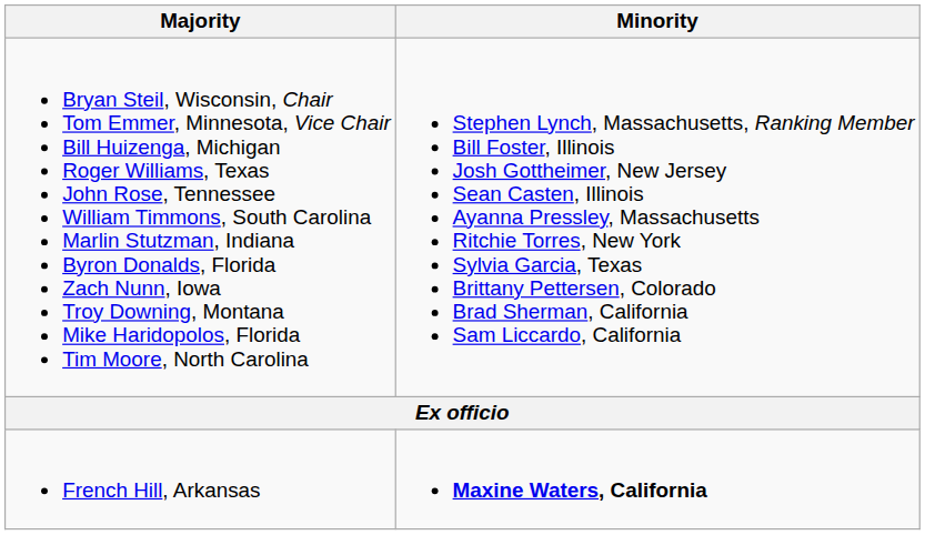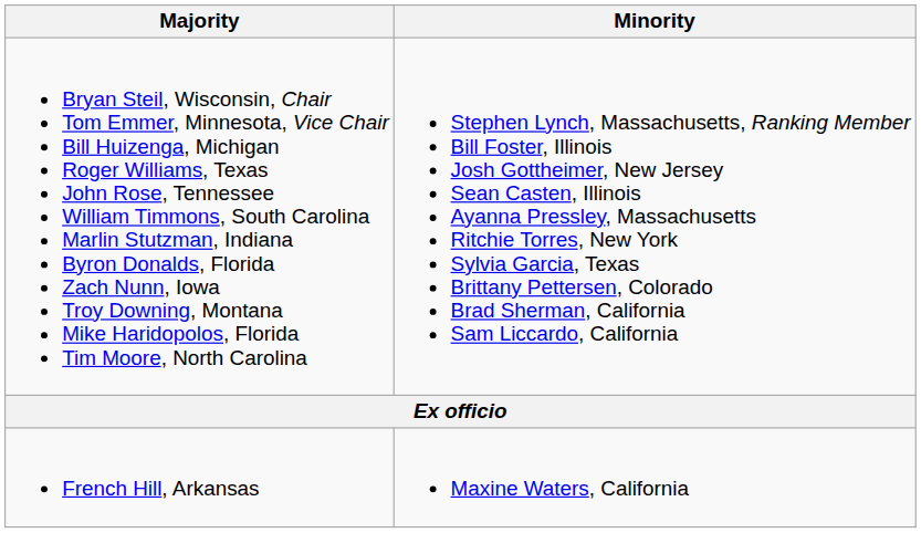 <table class=wikitable>
 <tr>
 <th>Majority</th>
 <th>Minority</th>
 </tr>
 <tr>
 <td><br><ul><li><a href='#'>Bryan Steil</a>, Wisconsin, <em>Chair</em></li><li><a href='#'>Tom Emmer</a>, Minnesota, <em>Vice Chair</em></li><li><a href='#'>Bill Huizenga</a>, Michigan</li><li><a href='#'>Roger Williams</a>, Texas</li><li><a href='#'>John Rose</a>, Tennessee</li><li><a href='#'>William Timmons</a>, South Carolina</li><li><a href='#'>Marlin Stutzman</a>, Indiana</li><li><a href='#'>Byron Donalds</a>, Florida</li><li><a href='#'>Zach Nunn</a>, Iowa</li><li><a href='#'>Troy Downing</a>, Montana</li><li><a href='#'>Mike Haridopolos</a>, Florida</li><li><a href='#'>Tim Moore</a>, North Carolina</li></ul></td>
 <td><br><ul><li><a href='#'>Stephen Lynch</a>, Massachusetts, <em>Ranking Member</em></li><li><a href='#'>Bill Foster</a>, Illinois</li><li><a href='#'>Josh Gottheimer</a>, New Jersey</li><li><a href='#'>Sean Casten</a>, Illinois</li><li><a href='#'>Ayanna Pressley</a>, Massachusetts</li><li><a href='#'>Ritchie Torres</a>, New York</li><li><a href='#'>Sylvia Garcia</a>, Texas</li><li><a href='#'>Brittany Pettersen</a>, Colorado</li><li><a href='#'>Brad Sherman</a>, California</li><li><a href='#'>Sam Liccardo</a>, California</li></ul></td>
 </tr>
 <tr>
 <th colspan=2><em>Ex officio</em></th>
 </tr>
 <tr>
 <td><br><ul><li><a href='#'>French Hill</a>, Arkansas</li></ul></td>
-<td><strong><br><ul><li><a href='#'>Maxine Waters</a>, California</li></ul></strong></td>
+<td><br><ul><li><a href='#'>Maxine Waters</a>, California</li></ul></td>
 </tr>
 </table>
